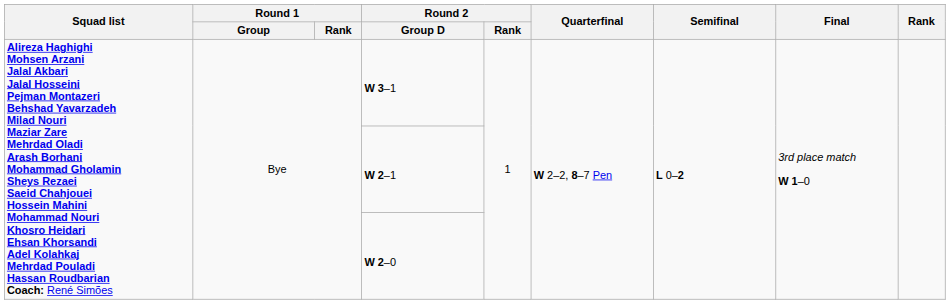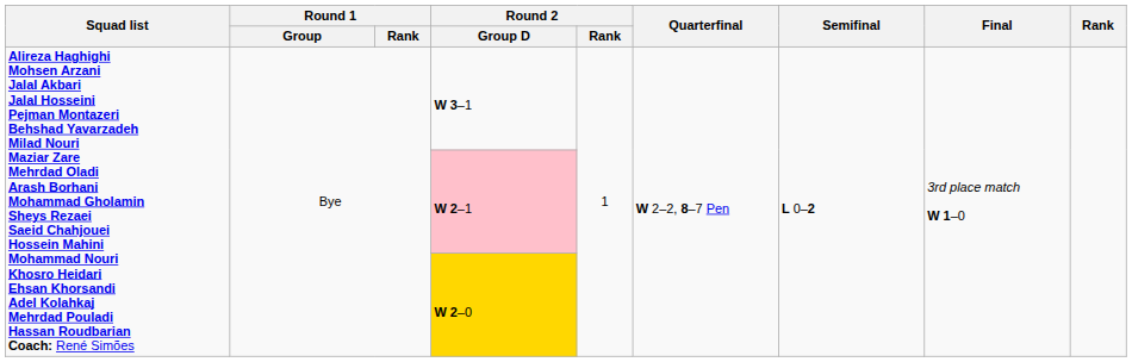 <table class="wikitable" width="98%" style="text-align:left; font-size:90%">
 <tr>
 <th rowspan="2" width="20%">Squad list</th>
 <th colspan="2">Round 1</th>
 <th colspan="2">Round 2</th>
 <th rowspan="2" width="13%">Quarterfinal</th>
 <th rowspan="2" width="13%">Semifinal</th>
 <th rowspan="2" width="13%">Final</th>
 <th rowspan="2" width="5%">Rank</th>
 </tr>
 <tr>
 <th width="13%">Group</th>
 <th width="5%">Rank</th>
 <th width="13%">Group D</th>
 <th width="5%">Rank</th>
 </tr>
 <tr>
 <td rowspan="3"><strong><a href='#'>Alireza Haghighi</a><br><a href='#'>Mohsen Arzani</a><br><a href='#'>Jalal Akbari</a><br><a href='#'>Jalal Hosseini</a><br><a href='#'>Pejman Montazeri</a><br><a href='#'>Behshad Yavarzadeh</a><br><a href='#'>Milad Nouri</a><br><a href='#'>Maziar Zare</a><br><a href='#'>Mehrdad Oladi</a><br><a href='#'>Arash Borhani</a><br><a href='#'>Mohammad Gholamin</a><br><a href='#'>Sheys Rezaei</a><br><a href='#'>Saeid Chahjouei</a><br><a href='#'>Hossein Mahini</a><br><a href='#'>Mohammad Nouri</a><br><a href='#'>Khosro Heidari</a><br><a href='#'>Ehsan Khorsandi</a><br><a href='#'>Adel Kolahkaj</a><br><a href='#'>Mehrdad Pouladi</a><br><a href='#'>Hassan Roudbarian</a><br>Coach:</strong>  <a href='#'>René Simões</a></td>
 <td rowspan="3" align="center" colspan="2">Bye</td>
 <td><br><strong>W</strong> <strong>3</strong>–1</td>
 <td rowspan="3" align=center>1 <strong></strong></td>
 <td rowspan="3"><br><strong>W</strong> 2–2, <strong>8</strong>–7 <a href='#'>Pen</a></td>
 <td rowspan="3"><br><strong>L</strong> 0–<strong>2</strong></td>
 <td rowspan="3"><em>3rd place match</em><br><br><strong>W</strong> <strong>1</strong>–0</td>
 <td rowspan="3" align="center"></td>
 </tr>
 <tr>
-<td><br><strong>W</strong> <strong>2</strong>–1</td>
+<td style="background: pink;"><br><strong>W</strong> <strong>2</strong>–1</td>
 </tr>
 <tr>
-<td><br><strong>W</strong> <strong>2</strong>–0</td>
+<td style="background: gold;"><br><strong>W</strong> <strong>2</strong>–0</td>
 </tr>
 </table>
